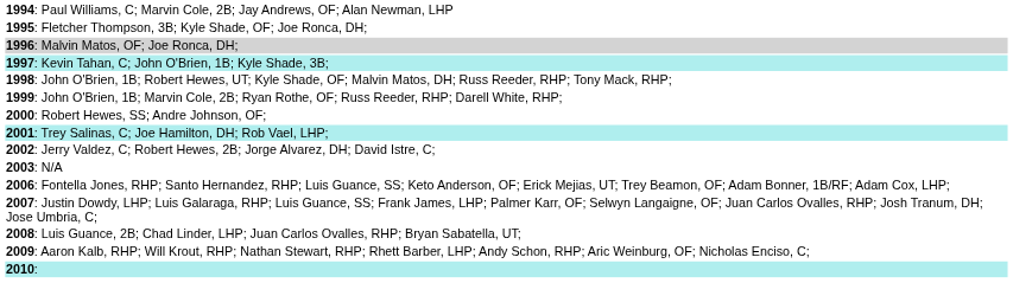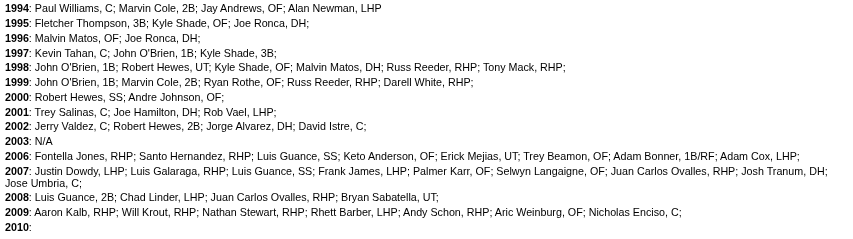 <table>
 <tr>
 <td><strong>1994</strong>: Paul Williams, C; Marvin Cole, 2B; Jay Andrews, OF; Alan Newman, LHP</td>
 </tr>
 <tr>
 <td><strong>1995</strong>: Fletcher Thompson, 3B; Kyle Shade, OF; Joe Ronca, DH;</td>
 </tr>
 <tr>
-<td style="background: lightgrey;"><strong>1996</strong>: Malvin Matos, OF; Joe Ronca, DH;</td>
+<td><strong>1996</strong>: Malvin Matos, OF; Joe Ronca, DH;</td>
 </tr>
 <tr>
-<td style="background: paleturquoise;"><strong>1997</strong>: Kevin Tahan, C; John O'Brien, 1B; Kyle Shade, 3B;</td>
+<td><strong>1997</strong>: Kevin Tahan, C; John O'Brien, 1B; Kyle Shade, 3B;</td>
 </tr>
 <tr>
 <td><strong>1998</strong>: John O'Brien, 1B; Robert Hewes, UT; Kyle Shade, OF; Malvin Matos, DH; Russ Reeder, RHP; Tony Mack, RHP;</td>
 </tr>
 <tr>
 <td><strong>1999</strong>: John O'Brien, 1B; Marvin Cole, 2B; Ryan Rothe, OF; Russ Reeder, RHP; Darell White, RHP;</td>
 </tr>
 <tr>
 <td><strong>2000</strong>: Robert Hewes, SS; Andre Johnson, OF;</td>
 </tr>
 <tr>
-<td style="background: paleturquoise;"><strong>2001</strong>: Trey Salinas, C; Joe Hamilton, DH; Rob Vael, LHP;</td>
+<td><strong>2001</strong>: Trey Salinas, C; Joe Hamilton, DH; Rob Vael, LHP;</td>
 </tr>
 <tr>
 <td><strong>2002</strong>: Jerry Valdez, C; Robert Hewes, 2B; Jorge Alvarez, DH; David Istre, C;</td>
 </tr>
 <tr>
 <td><strong>2003</strong>: N/A</td>
 </tr>
 <tr>
 <td><strong>2006</strong>: Fontella Jones, RHP; Santo Hernandez, RHP; Luis Guance, SS; Keto Anderson, OF; Erick Mejias, UT; Trey Beamon, OF; Adam Bonner, 1B/RF; Adam Cox, LHP;</td>
 </tr>
 <tr>
 <td><strong>2007</strong>: Justin Dowdy, LHP; Luis Galaraga, RHP; Luis Guance, SS; Frank James, LHP; Palmer Karr, OF; Selwyn Langaigne, OF; Juan Carlos Ovalles, RHP; Josh Tranum, DH; Jose Umbria, C;</td>
 </tr>
 <tr>
 <td><strong>2008</strong>: Luis Guance, 2B; Chad Linder, LHP; Juan Carlos Ovalles, RHP; Bryan Sabatella, UT;</td>
 </tr>
 <tr>
 <td><strong>2009</strong>: Aaron Kalb, RHP; Will Krout, RHP; Nathan Stewart, RHP; Rhett Barber, LHP; Andy Schon, RHP; Aric Weinburg, OF; Nicholas Enciso, C;</td>
 </tr>
 <tr>
-<td style="background: paleturquoise;"><strong>2010</strong>:</td>
+<td><strong>2010</strong>:</td>
 </tr>
 </table>
